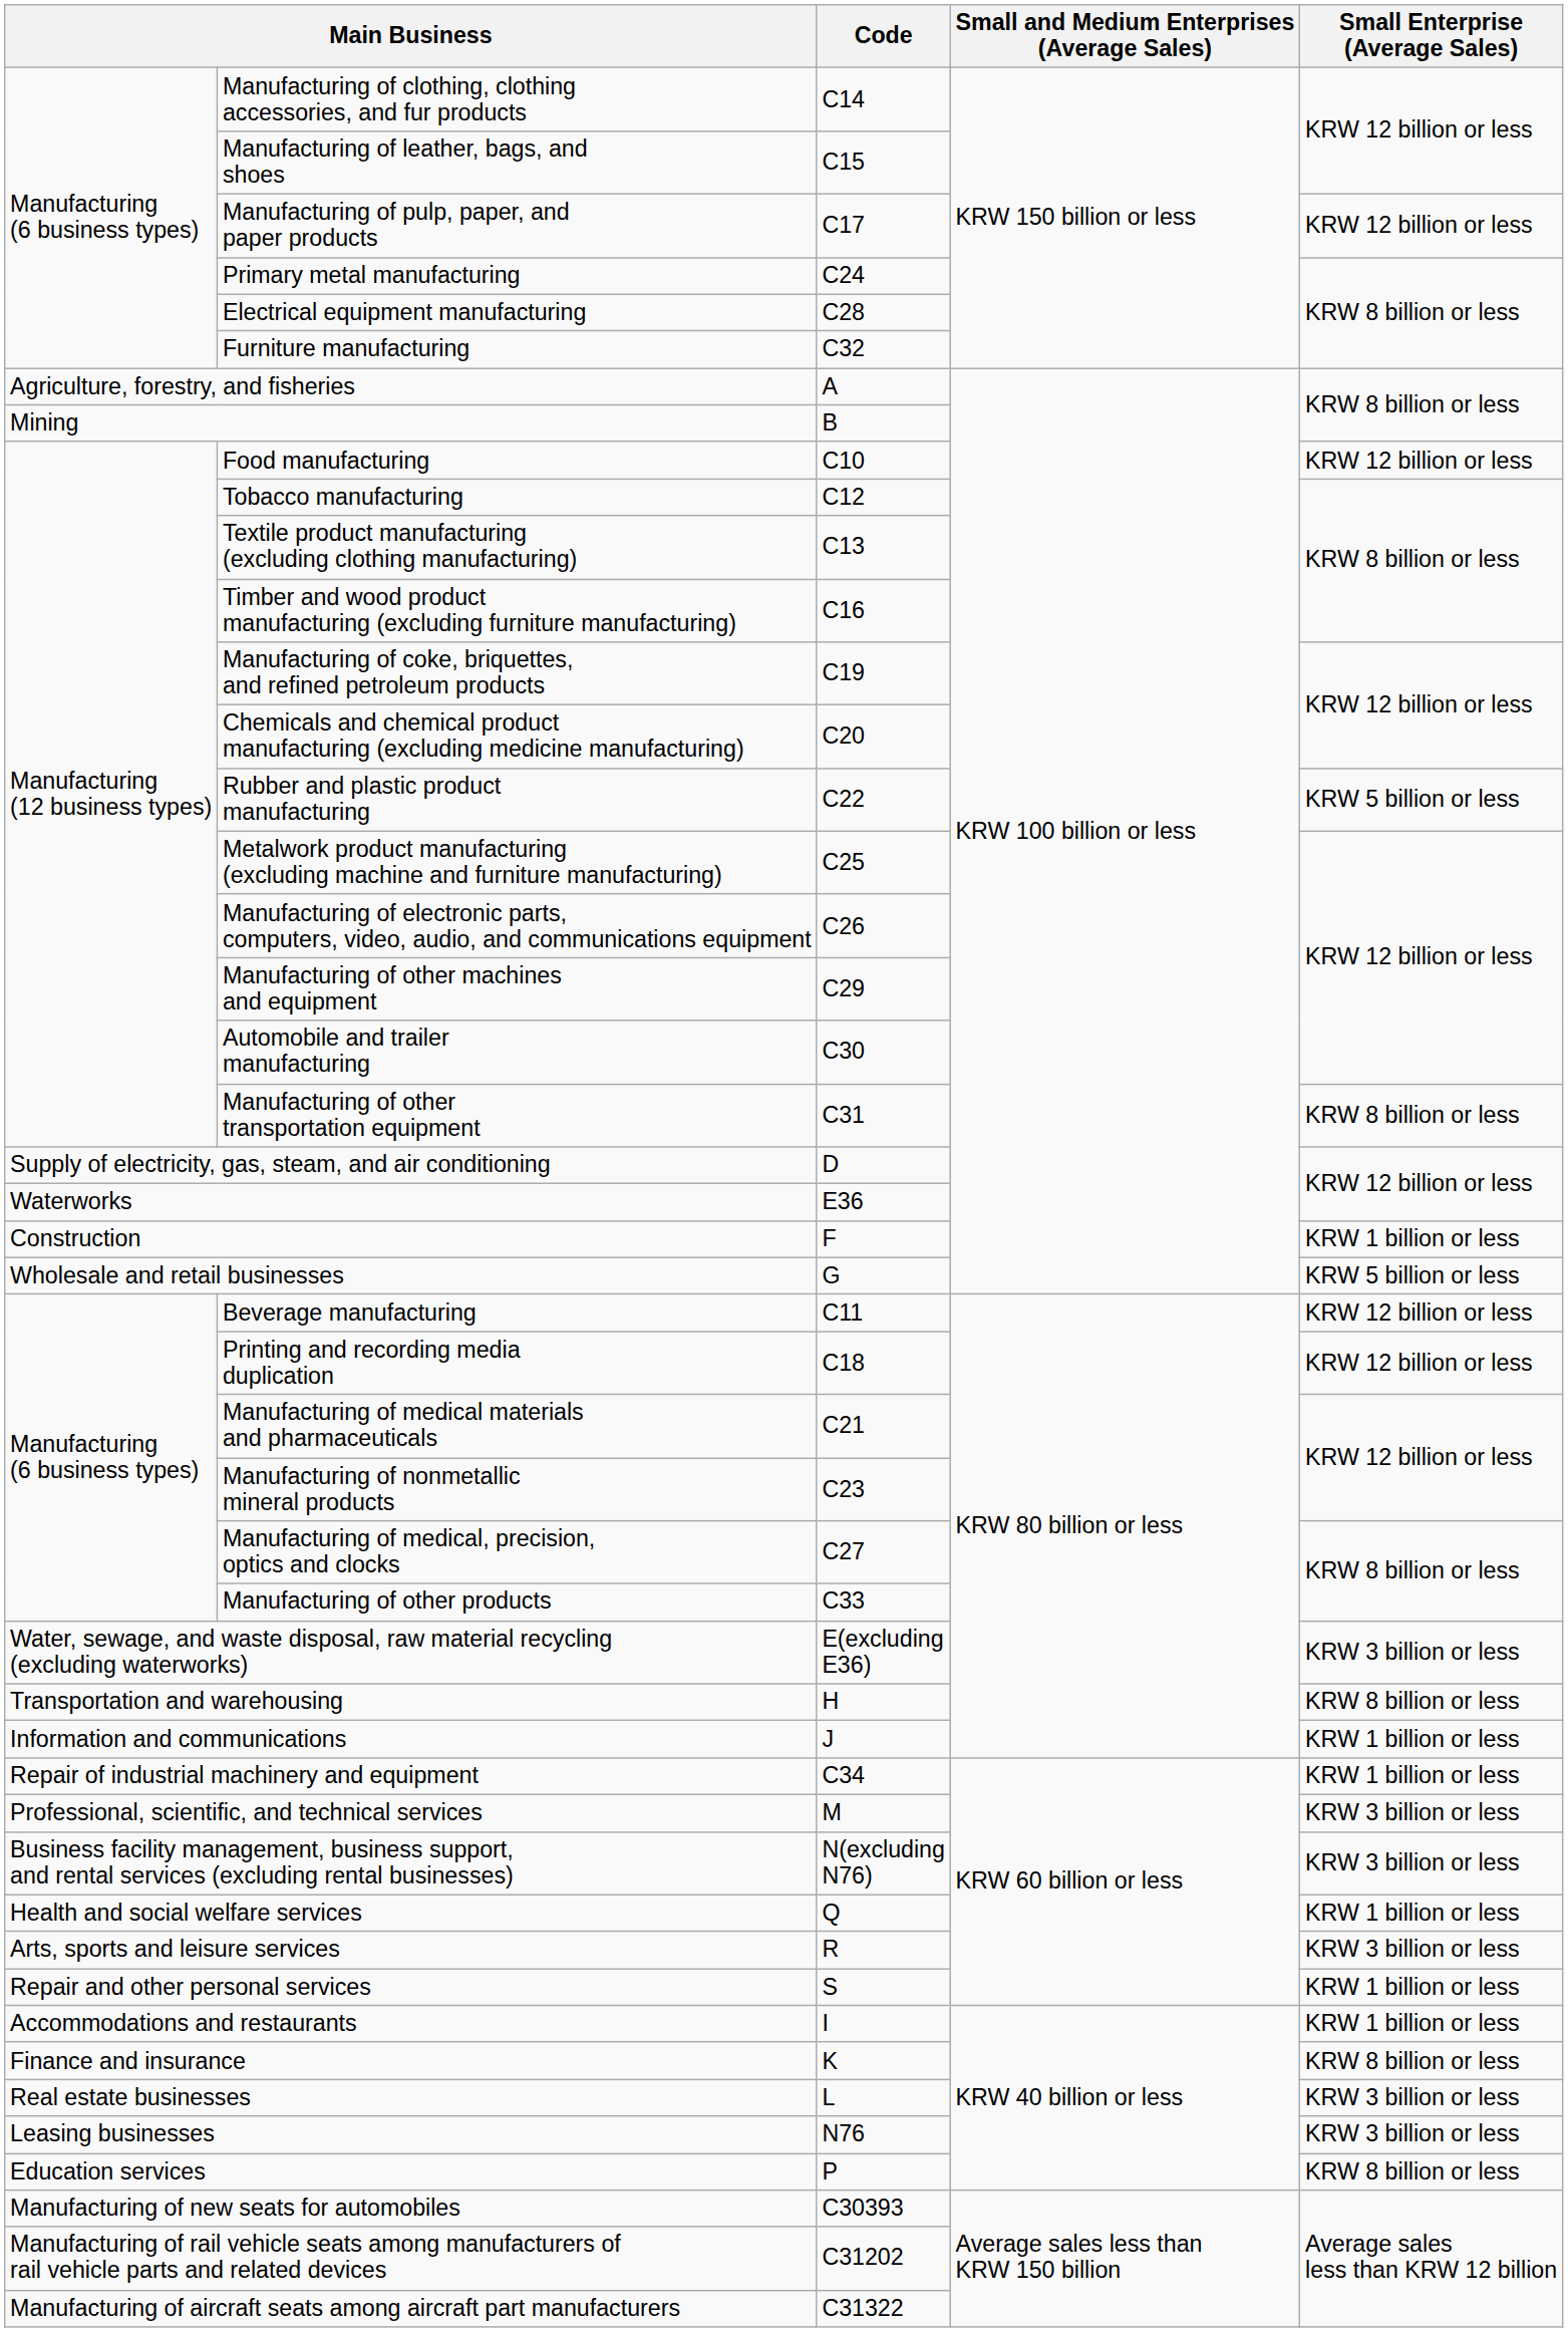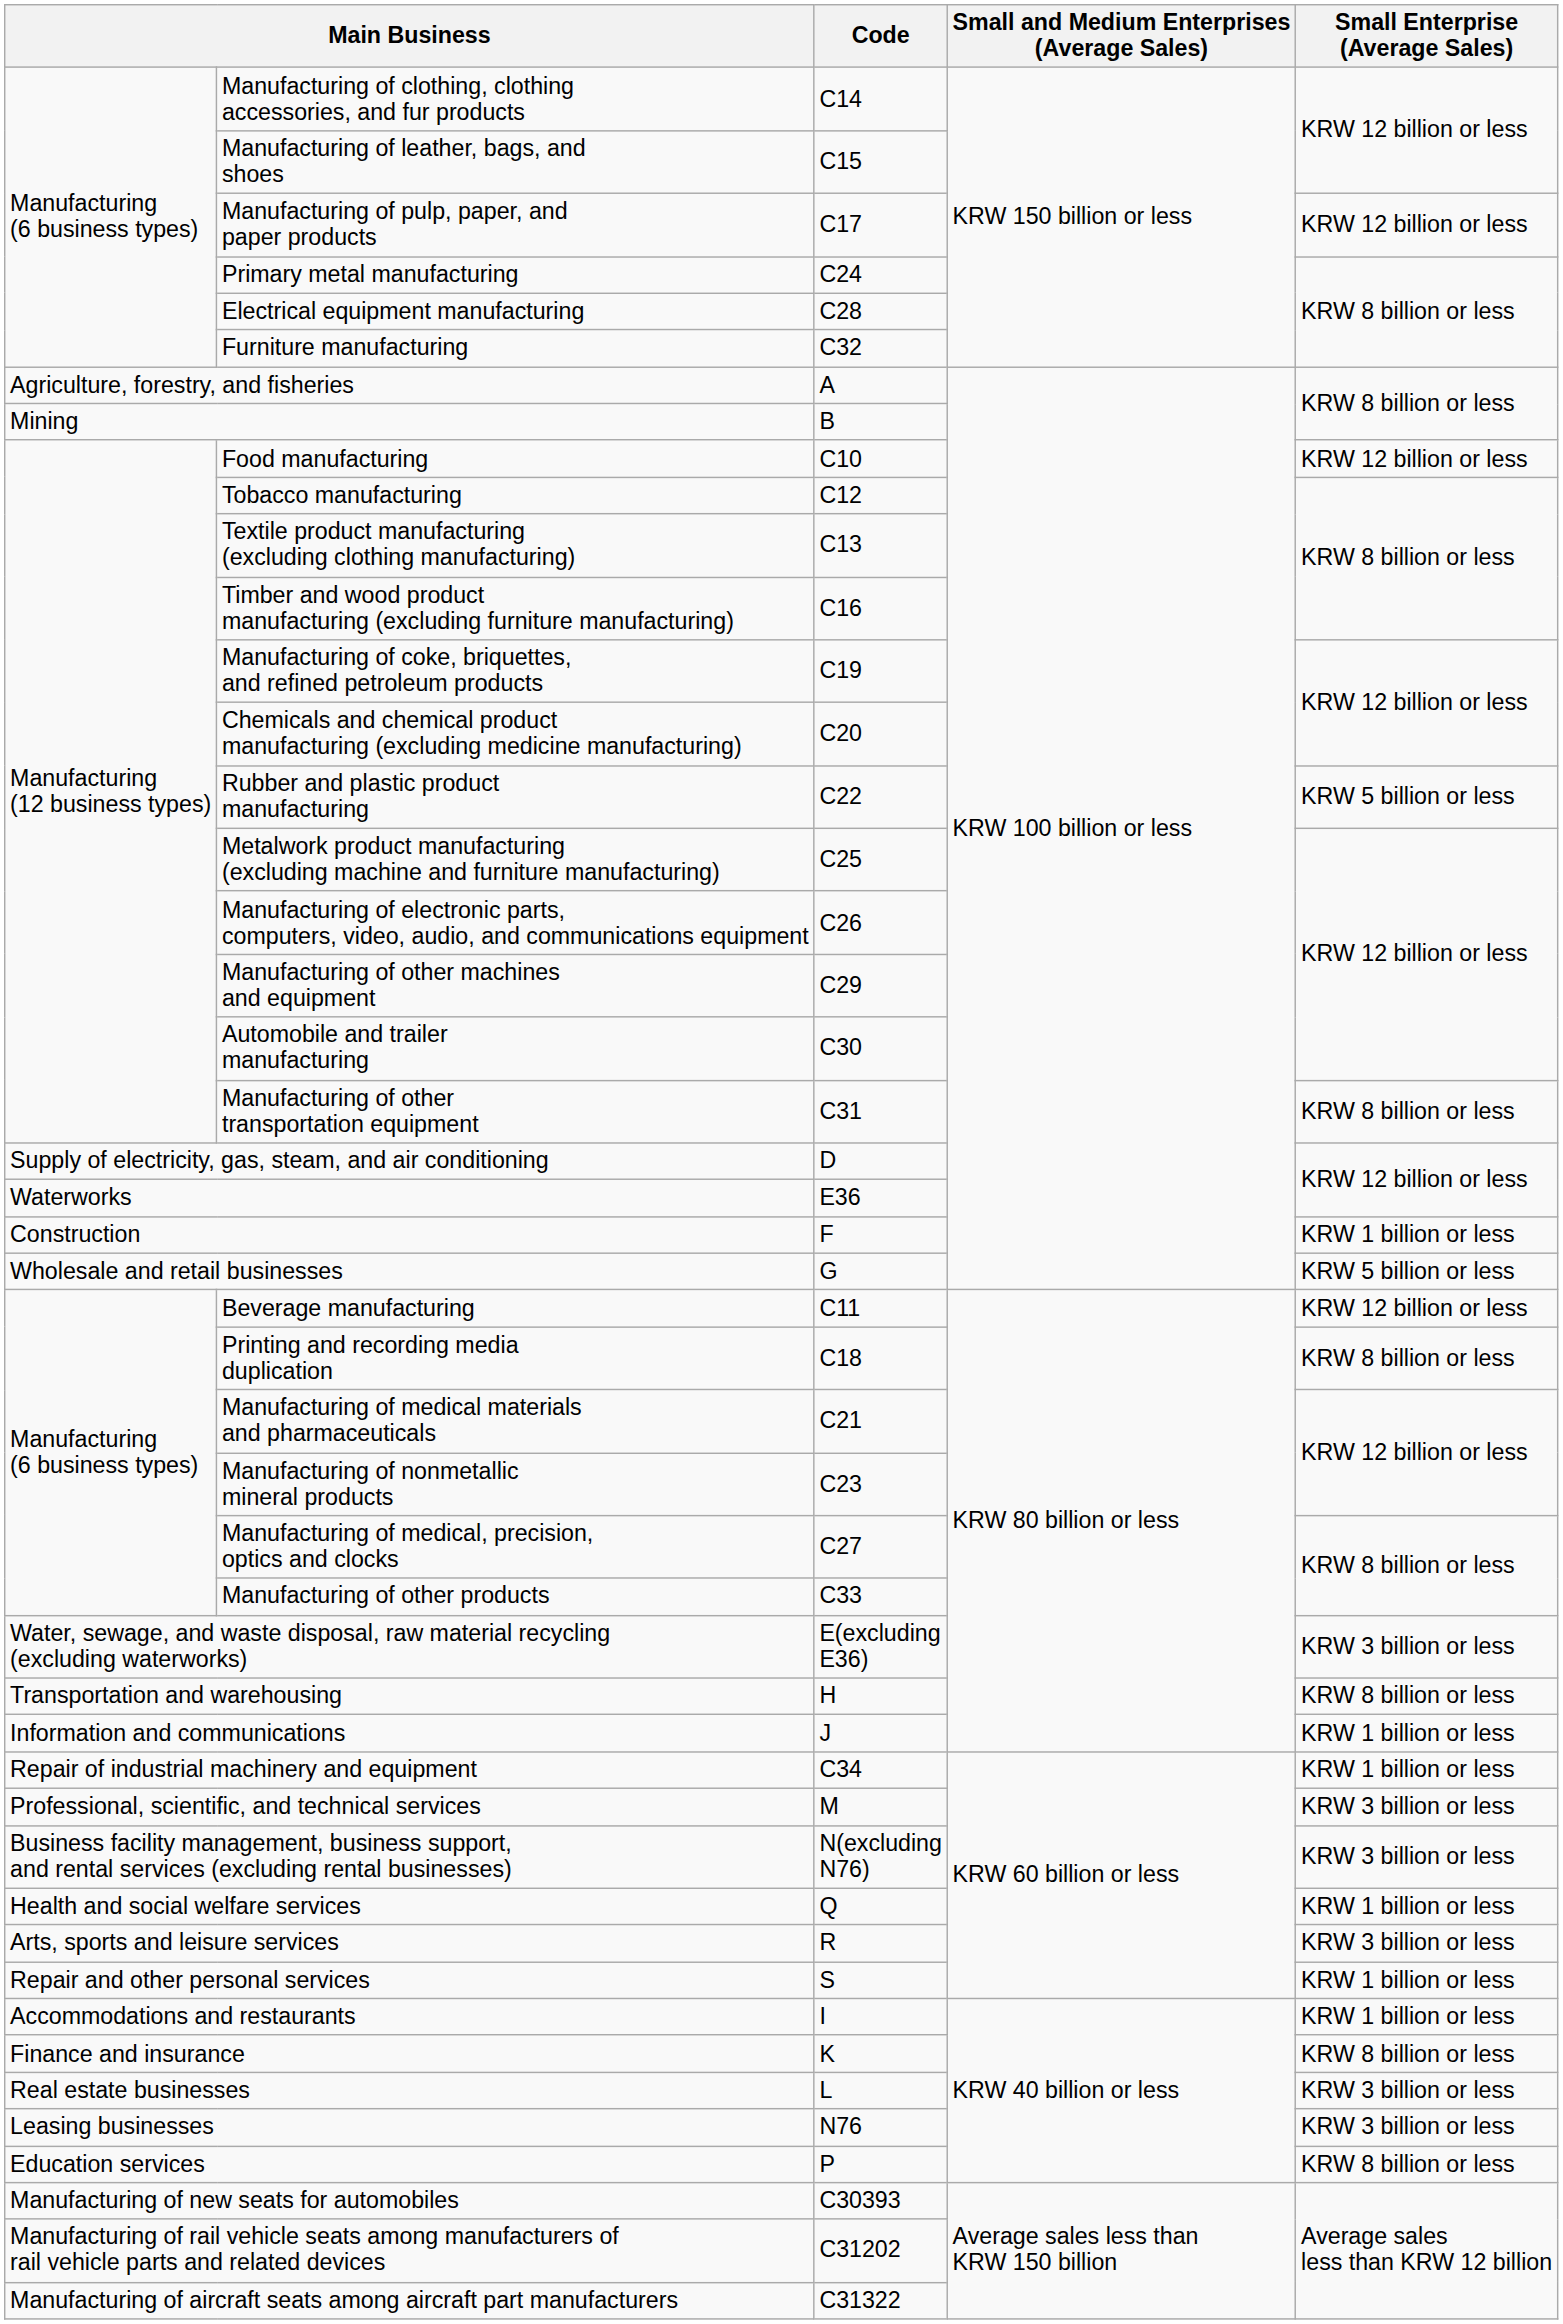 <table class="wikitable">
 <tr>
 <th colspan="2">Main Business</th>
 <th>Code</th>
 <th>Small and Medium Enterprises<br>(Average Sales)</th>
 <th>Small Enterprise<br>(Average Sales)</th>
 </tr>
 <tr>
 <td rowspan="6">Manufacturing<br>(6 business types)</td>
 <td>Manufacturing of clothing, clothing<br>accessories, and fur products</td>
 <td>C14</td>
 <td rowspan="6">KRW 150 billion or less</td>
 <td rowspan="2">KRW 12 billion or less</td>
 </tr>
 <tr>
 <td>Manufacturing of leather, bags, and<br>shoes</td>
 <td>C15</td>
 </tr>
 <tr>
 <td>Manufacturing of pulp, paper, and<br>paper products</td>
 <td>C17</td>
 <td>KRW 12 billion or less</td>
 </tr>
 <tr>
 <td>Primary metal manufacturing</td>
 <td>C24</td>
 <td rowspan="3">KRW 8 billion or less</td>
 </tr>
 <tr>
 <td>Electrical equipment manufacturing</td>
 <td>C28</td>
 </tr>
 <tr>
 <td>Furniture manufacturing</td>
 <td>C32</td>
 </tr>
 <tr>
 <td colspan="2">Agriculture, forestry, and fisheries</td>
 <td>A</td>
 <td rowspan="18">KRW 100 billion or less</td>
 <td rowspan="2">KRW 8 billion or less</td>
 </tr>
 <tr>
 <td colspan="2">Mining</td>
 <td>B</td>
 </tr>
 <tr>
 <td rowspan="12">Manufacturing<br>(12 business types)</td>
 <td>Food manufacturing</td>
 <td>C10</td>
 <td>KRW 12 billion or less</td>
 </tr>
 <tr>
 <td>Tobacco manufacturing</td>
 <td>C12</td>
 <td rowspan="3">KRW 8 billion or less</td>
 </tr>
 <tr>
 <td>Textile product manufacturing<br>(excluding clothing manufacturing)</td>
 <td>C13</td>
 </tr>
 <tr>
 <td>Timber and wood product<br>manufacturing (excluding furniture manufacturing)</td>
 <td>C16</td>
 </tr>
 <tr>
 <td>Manufacturing of coke, briquettes,<br>and refined petroleum products</td>
 <td>C19</td>
 <td rowspan="2">KRW 12 billion or less</td>
 </tr>
 <tr>
 <td>Chemicals and chemical product<br>manufacturing (excluding medicine manufacturing)</td>
 <td>C20</td>
 </tr>
 <tr>
 <td>Rubber and plastic product<br>manufacturing</td>
 <td>C22</td>
 <td>KRW 5 billion or less</td>
 </tr>
 <tr>
 <td>Metalwork product manufacturing<br>(excluding machine and furniture  manufacturing)</td>
 <td>C25</td>
 <td rowspan="4">KRW 12 billion or less</td>
 </tr>
 <tr>
 <td>Manufacturing of electronic parts,<br>computers, video, audio, and  communications equipment</td>
 <td>C26</td>
 </tr>
 <tr>
 <td>Manufacturing of other machines<br>and equipment</td>
 <td>C29</td>
 </tr>
 <tr>
 <td>Automobile and trailer<br>manufacturing</td>
 <td>C30</td>
 </tr>
 <tr>
 <td>Manufacturing of other<br>transportation equipment</td>
 <td>C31</td>
 <td>KRW 8 billion or less</td>
 </tr>
 <tr>
 <td colspan="2">Supply of electricity, gas, steam, and air conditioning</td>
 <td>D</td>
 <td rowspan="2">KRW 12 billion or less</td>
 </tr>
 <tr>
 <td colspan="2">Waterworks</td>
 <td>E36</td>
 </tr>
 <tr>
 <td colspan="2">Construction</td>
 <td>F</td>
 <td>KRW 1 billion or less</td>
 </tr>
 <tr>
 <td colspan="2">Wholesale and retail businesses</td>
 <td>G</td>
 <td>KRW 5 billion or less</td>
 </tr>
 <tr>
 <td rowspan="6">Manufacturing<br>(6 business types)</td>
 <td>Beverage manufacturing</td>
 <td>C11</td>
 <td rowspan="9">KRW 80 billion or less</td>
 <td>KRW 12 billion or less</td>
 </tr>
 <tr>
 <td>Printing and recording media<br>duplication</td>
 <td>C18</td>
-<td>KRW 12 billion or less</td>
+<td>KRW 8 billion or less</td>
 </tr>
 <tr>
 <td>Manufacturing of medical materials<br>and pharmaceuticals</td>
 <td>C21</td>
 <td rowspan="2">KRW 12 billion or less</td>
 </tr>
 <tr>
 <td>Manufacturing of nonmetallic<br>mineral products</td>
 <td>C23</td>
 </tr>
 <tr>
 <td>Manufacturing of medical, precision,<br>optics and clocks</td>
 <td>C27</td>
 <td rowspan="2">KRW 8 billion or less</td>
 </tr>
 <tr>
 <td>Manufacturing of other products</td>
 <td>C33</td>
 </tr>
 <tr>
 <td colspan="2">Water, sewage, and waste disposal, raw material recycling<br>(excluding waterworks)</td>
 <td>E(excluding<br>E36)</td>
 <td>KRW 3 billion or less</td>
 </tr>
 <tr>
 <td colspan="2">Transportation and warehousing</td>
 <td>H</td>
 <td>KRW 8 billion or less</td>
 </tr>
 <tr>
 <td colspan="2">Information and communications</td>
 <td>J</td>
 <td>KRW 1 billion or less</td>
 </tr>
 <tr>
 <td colspan="2">Repair of industrial machinery and equipment</td>
 <td>C34</td>
 <td rowspan="6">KRW 60 billion or less</td>
 <td>KRW 1 billion or less</td>
 </tr>
 <tr>
 <td colspan="2">Professional, scientific, and technical services</td>
 <td>M</td>
 <td>KRW 3 billion or less</td>
 </tr>
 <tr>
 <td colspan="2">Business facility management, business support,<br>and rental services (excluding rental businesses)</td>
 <td>N(excluding<br>N76)</td>
 <td>KRW 3 billion or less</td>
 </tr>
 <tr>
 <td colspan="2">Health and social welfare services</td>
 <td>Q</td>
 <td>KRW 1 billion or less</td>
 </tr>
 <tr>
 <td colspan="2">Arts, sports and leisure services</td>
 <td>R</td>
 <td>KRW 3 billion or less</td>
 </tr>
 <tr>
 <td colspan="2">Repair and other personal services</td>
 <td>S</td>
 <td>KRW 1 billion or less</td>
 </tr>
 <tr>
 <td colspan="2">Accommodations and restaurants</td>
 <td>I</td>
 <td rowspan="5">KRW 40 billion or less</td>
 <td>KRW 1 billion or less</td>
 </tr>
 <tr>
 <td colspan="2">Finance and insurance</td>
 <td>K</td>
 <td>KRW 8 billion or less</td>
 </tr>
 <tr>
 <td colspan="2">Real estate businesses</td>
 <td>L</td>
 <td>KRW 3 billion or less</td>
 </tr>
 <tr>
 <td colspan="2">Leasing businesses</td>
 <td>N76</td>
 <td>KRW 3 billion or less</td>
 </tr>
 <tr>
 <td colspan="2">Education services</td>
 <td>P</td>
 <td>KRW 8 billion or less</td>
 </tr>
 <tr>
 <td colspan="2">Manufacturing of new seats for automobiles</td>
 <td>C30393</td>
 <td rowspan="3">Average sales less than<br>KRW 150 billion</td>
 <td rowspan="3">Average sales<br>less than KRW 12 billion</td>
 </tr>
 <tr>
 <td colspan="2">Manufacturing of rail vehicle seats among manufacturers of<br>rail vehicle parts and related devices</td>
 <td>C31202</td>
 </tr>
 <tr>
 <td colspan="2">Manufacturing of aircraft seats among aircraft part manufacturers</td>
 <td>C31322</td>
 </tr>
 </table>
